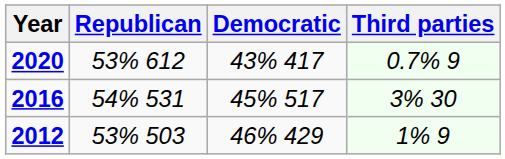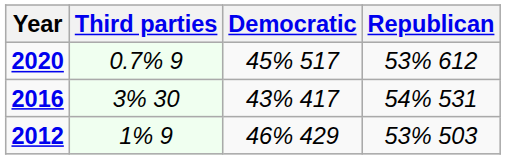 <table class="wikitable" style="float:right; margin: 1em 1em 1em 0; font-size: 95%;">
 <tr>
 <th>Year</th>
+<th><a href='#'>Third parties</a></th>
+<th><a href='#'>Democratic</a></th>
 <th><a href='#'>Republican</a></th>
-<th><a href='#'>Democratic</a></th>
-<th><a href='#'>Third parties</a></th>
 </tr>
 <tr>
 <td style="text-align:center; "><strong><a href='#'>2020</a></strong></td>
+<td style="text-align:center; background:honeyDew;"><em>0.7%</em> <em>9</em></td>
+<td style="text-align:center; "><em>45%</em> <em>517</em></td>
 <td style="text-align:center; "><em>53%</em> <em>612</em></td>
-<td style="text-align:center; "><em>43%</em> <em>417</em></td>
-<td style="text-align:center; background:honeyDew;"><em>0.7%</em> <em>9</em></td>
 </tr>
 <tr>
 <td style="text-align:center; "><strong><a href='#'>2016</a></strong></td>
+<td style="text-align:center; background:honeyDew;"><em>3%</em> <em>30</em></td>
+<td style="text-align:center; "><em>43%</em> <em>417</em></td>
 <td style="text-align:center; "><em>54%</em> <em>531</em></td>
-<td style="text-align:center; "><em>45%</em> <em>517</em></td>
-<td style="text-align:center; background:honeyDew;"><em>3%</em> <em>30</em></td>
 </tr>
 <tr>
 <td style="text-align:center; "><strong><a href='#'>2012</a></strong></td>
+<td style="text-align:center; background:honeyDew;"><em>1%</em> <em>9</em></td>
+<td style="text-align:center; "><em>46%</em> <em>429</em></td>
 <td style="text-align:center; "><em>53%</em> <em>503</em></td>
-<td style="text-align:center; "><em>46%</em> <em>429</em></td>
-<td style="text-align:center; background:honeyDew;"><em>1%</em> <em>9</em></td>
 </tr>
 </table>
